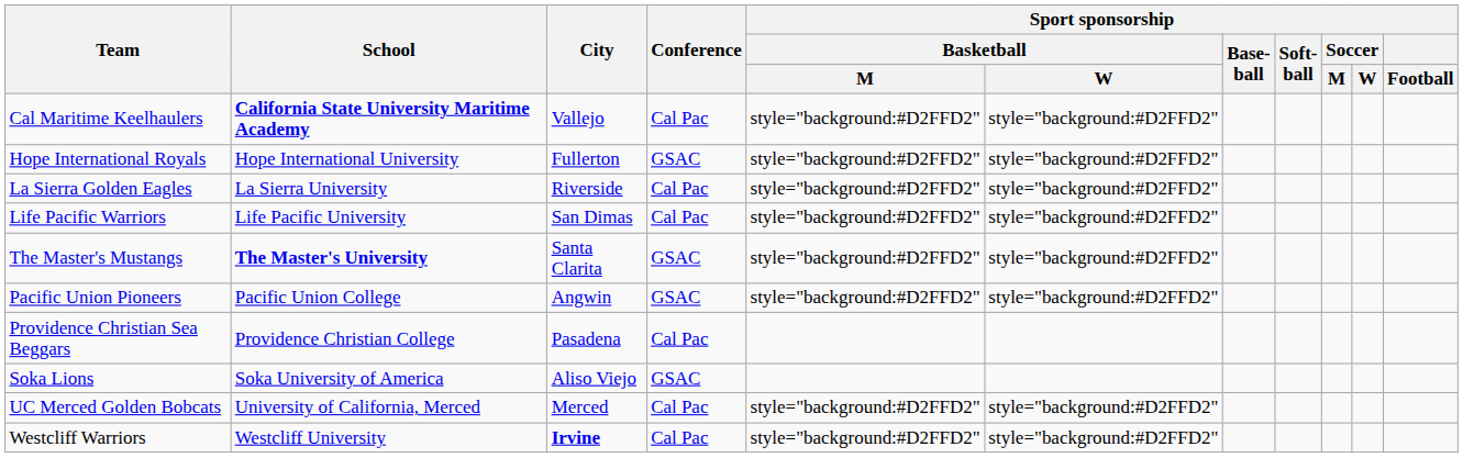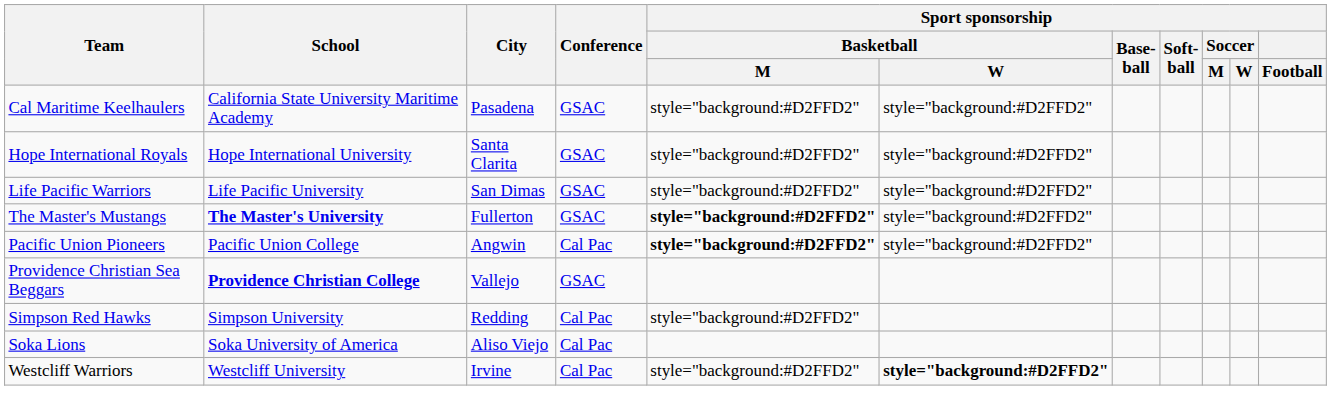 <table class="sortable wikitable">
 <tr>
 <th rowspan=3>Team</th>
 <th rowspan=3>School</th>
 <th rowspan=3>City</th>
 <th rowspan=3>Conference</th>
 <th colspan=7>Sport sponsorship</th>
 </tr>
 <tr>
 <th colspan=2>Basketball</th>
 <th rowspan=2>Base-<br>ball</th>
 <th rowspan=2>Soft-<br>ball</th>
 <th colspan=2>Soccer</th>
 <th></th>
 </tr>
 <tr>
 <th>M</th>
 <th>W</th>
 <th>M</th>
 <th>W</th>
 <th>Football</th>
 </tr>
 <tr>
 <td><a href='#'>Cal Maritime Keelhaulers</a></td>
-<td><strong><a href='#'>California State University Maritime Academy</a></strong></td>
-<td><a href='#'>Vallejo</a></td>
-<td><a href='#'>Cal Pac</a></td>
+<td><a href='#'>California State University Maritime Academy</a></td>
+<td><a href='#'>Pasadena</a></td>
+<td><a href='#'>GSAC</a></td>
 <td>style="background:#D2FFD2" </td>
 <td>style="background:#D2FFD2" </td>
 <td></td>
 <td></td>
 <td></td>
 <td></td>
 <td></td>
 </tr>
 <tr>
 <td><a href='#'>Hope International Royals</a></td>
 <td><a href='#'>Hope International University</a></td>
-<td><a href='#'>Fullerton</a></td>
+<td><a href='#'>Santa Clarita</a></td>
 <td><a href='#'>GSAC</a></td>
-<td>style="background:#D2FFD2" </td>
-<td>style="background:#D2FFD2" </td>
-<td></td>
-<td></td>
-<td></td>
-<td></td>
-<td></td>
-</tr>
-<tr>
-<td><a href='#'>La Sierra Golden Eagles</a></td>
-<td><a href='#'>La Sierra University</a></td>
-<td><a href='#'>Riverside</a></td>
-<td><a href='#'>Cal Pac</a></td>
 <td>style="background:#D2FFD2" </td>
 <td>style="background:#D2FFD2" </td>
 <td></td>
 <td></td>
 <td></td>
 <td></td>
 <td></td>
 </tr>
 <tr>
 <td><a href='#'>Life Pacific Warriors</a></td>
 <td><a href='#'>Life Pacific University</a></td>
 <td><a href='#'>San Dimas</a></td>
-<td><a href='#'>Cal Pac</a></td>
+<td><a href='#'>GSAC</a></td>
 <td>style="background:#D2FFD2" </td>
 <td>style="background:#D2FFD2" </td>
 <td></td>
 <td></td>
 <td></td>
 <td></td>
 <td></td>
 </tr>
 <tr>
 <td><a href='#'>The Master's Mustangs</a></td>
 <td><strong><a href='#'>The Master's University</a></strong></td>
-<td><a href='#'>Santa Clarita</a></td>
+<td><a href='#'>Fullerton</a></td>
 <td><a href='#'>GSAC</a></td>
-<td>style="background:#D2FFD2" </td>
+<td><strong>style="background:#D2FFD2" </strong></td>
 <td>style="background:#D2FFD2" </td>
 <td></td>
 <td></td>
 <td></td>
 <td></td>
 <td></td>
 </tr>
 <tr>
 <td><a href='#'>Pacific Union Pioneers</a></td>
 <td><a href='#'>Pacific Union College</a></td>
 <td><a href='#'>Angwin</a></td>
-<td><a href='#'>GSAC</a></td>
-<td>style="background:#D2FFD2" </td>
+<td><a href='#'>Cal Pac</a></td>
+<td><strong>style="background:#D2FFD2" </strong></td>
 <td>style="background:#D2FFD2" </td>
 <td></td>
 <td></td>
 <td></td>
 <td></td>
 <td></td>
 </tr>
 <tr>
 <td><a href='#'>Providence Christian Sea Beggars</a></td>
-<td><a href='#'>Providence Christian College</a></td>
-<td><a href='#'>Pasadena</a></td>
+<td><strong><a href='#'>Providence Christian College</a></strong></td>
+<td><a href='#'>Vallejo</a></td>
+<td><a href='#'>GSAC</a></td>
+<td></td>
+<td></td>
+<td></td>
+<td></td>
+<td></td>
+<td></td>
+<td></td>
+</tr>
+<tr>
+<td><a href='#'>Simpson Red Hawks</a></td>
+<td><a href='#'>Simpson University</a></td>
+<td><a href='#'>Redding</a></td>
+<td><a href='#'>Cal Pac</a></td>
+<td>style="background:#D2FFD2" </td>
+<td></td>
+<td></td>
+<td></td>
+<td></td>
+<td></td>
+<td> </td>
+</tr>
+<tr>
+<td><a href='#'>Soka Lions</a></td>
+<td><a href='#'>Soka University of America</a></td>
+<td><a href='#'>Aliso Viejo</a></td>
 <td><a href='#'>Cal Pac</a></td>
 <td></td>
 <td></td>
 <td></td>
 <td></td>
 <td></td>
 <td></td>
 <td></td>
 </tr>
 <tr>
-<td><a href='#'>Soka Lions</a></td>
-<td><a href='#'>Soka University of America</a></td>
-<td><a href='#'>Aliso Viejo</a></td>
-<td><a href='#'>GSAC</a></td>
-<td></td>
-<td></td>
-<td></td>
-<td></td>
-<td></td>
-<td></td>
-<td></td>
-</tr>
-<tr>
-<td><a href='#'>UC Merced Golden Bobcats</a></td>
-<td><a href='#'>University of California, Merced</a></td>
-<td><a href='#'>Merced</a></td>
+<td>Westcliff Warriors</td>
+<td><a href='#'>Westcliff University</a></td>
+<td><a href='#'>Irvine</a></td>
 <td><a href='#'>Cal Pac</a></td>
 <td>style="background:#D2FFD2" </td>
-<td>style="background:#D2FFD2" </td>
-<td></td>
-<td></td>
-<td></td>
-<td></td>
-<td></td>
-</tr>
-<tr>
-<td>Westcliff Warriors</td>
-<td><a href='#'>Westcliff University</a></td>
-<td><strong><a href='#'>Irvine</a></strong></td>
-<td><a href='#'>Cal Pac</a></td>
-<td>style="background:#D2FFD2" </td>
-<td>style="background:#D2FFD2" </td>
+<td><strong>style="background:#D2FFD2" </strong></td>
 <td></td>
 <td></td>
 <td></td>
 <td></td>
 <td></td>
 </tr>
 </table>
